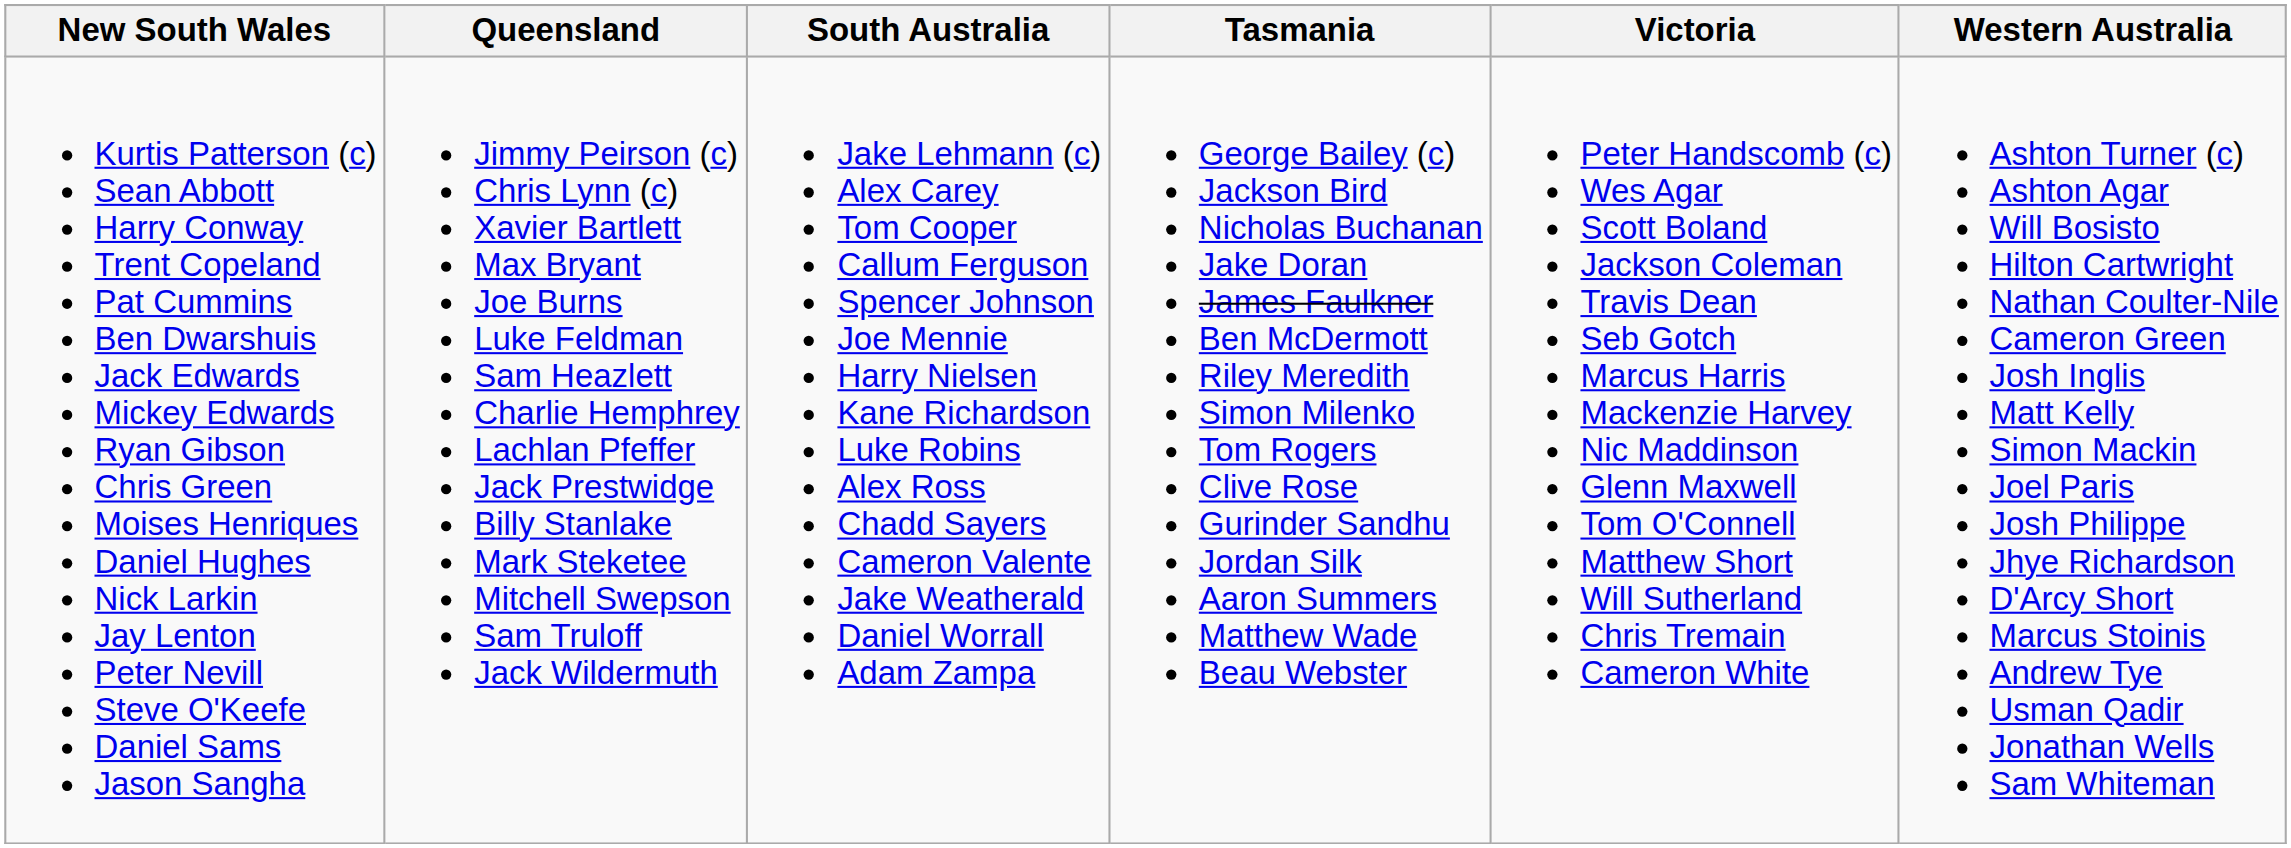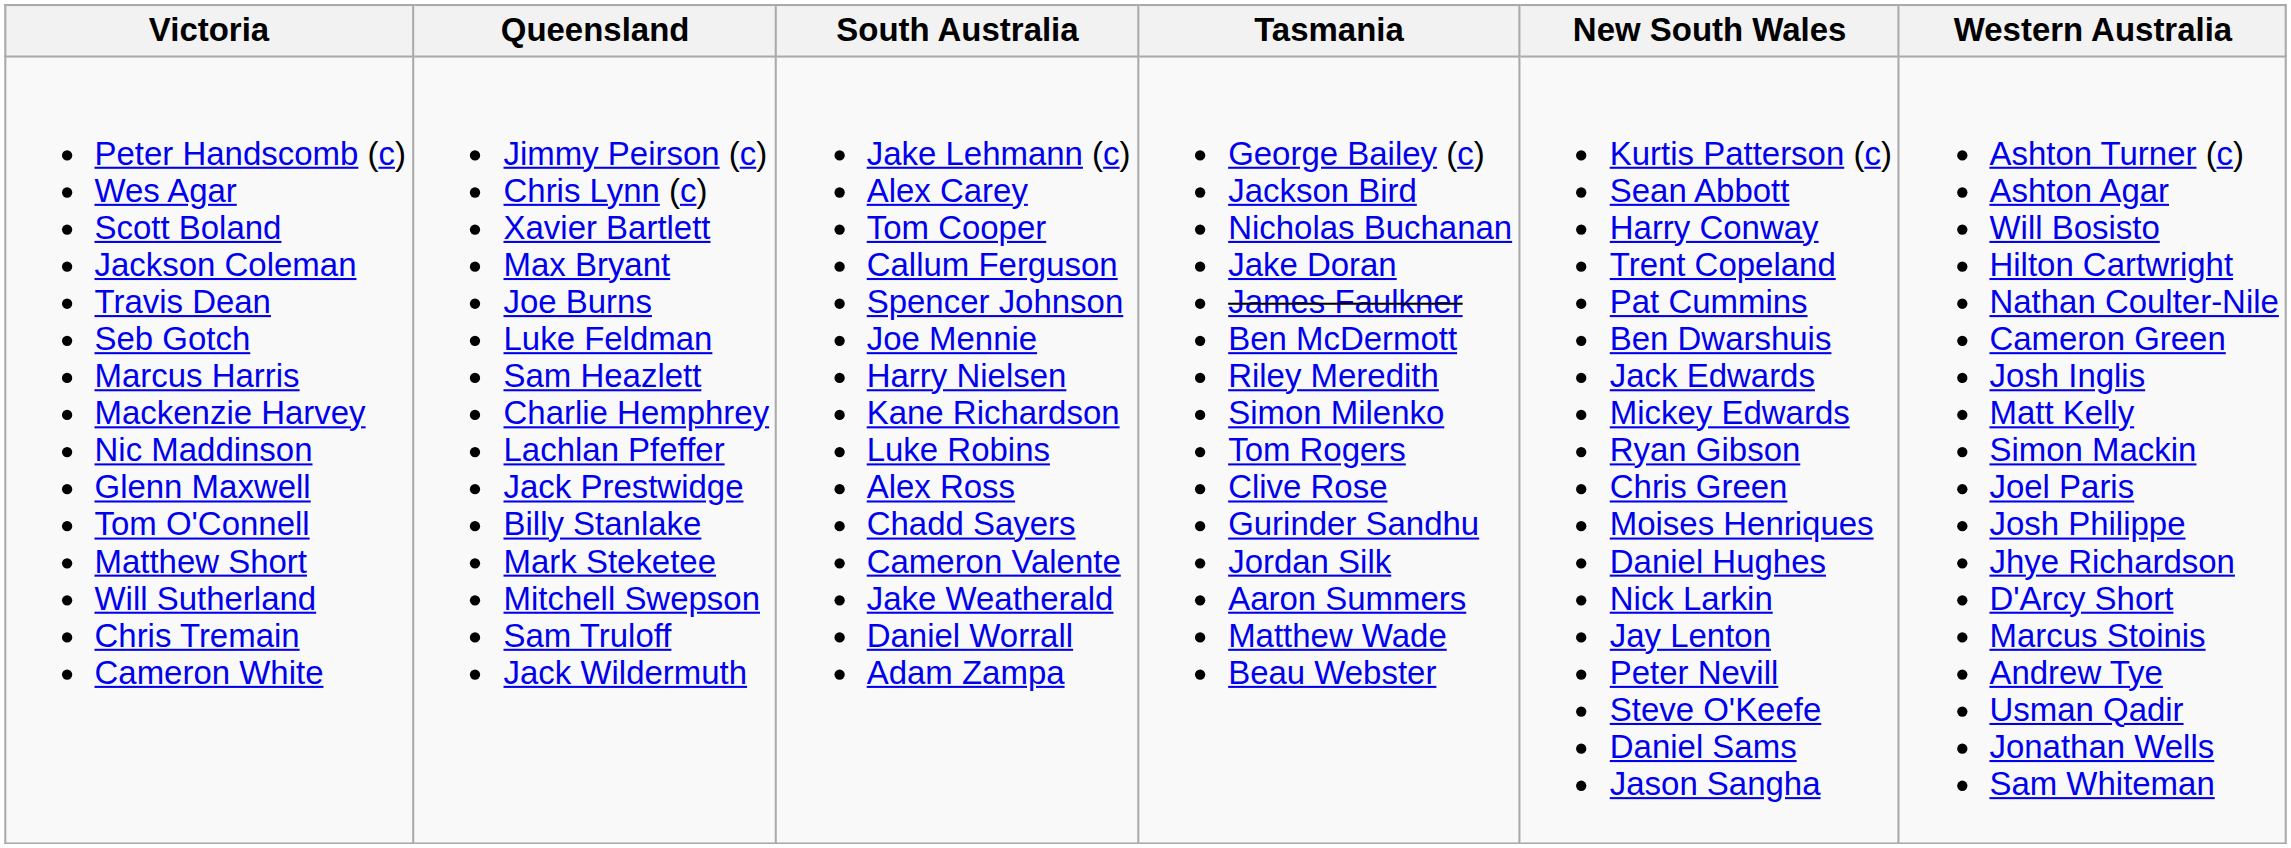 <table class="wikitable" style="text-align:left; margin:auto">
 <tr>
-<th style="width=20%;">New South Wales</th>
+<th style="width=20%;">Victoria</th>
 <th style="width=20%;">Queensland</th>
 <th style="width=20%;">South Australia</th>
 <th style="width=20%;">Tasmania</th>
-<th style="width=20%;">Victoria</th>
+<th style="width=20%;">New South Wales</th>
 <th style="width=20%;">Western Australia</th>
 </tr>
 <tr style="vertical-align:top">
-<td><br><ul><li><a href='#'>Kurtis Patterson</a> (<a href='#'>c</a>)</li><li><a href='#'>Sean Abbott</a></li><li><a href='#'>Harry Conway</a></li><li><a href='#'>Trent Copeland</a></li><li><a href='#'>Pat Cummins</a></li><li><a href='#'>Ben Dwarshuis</a></li><li><a href='#'>Jack Edwards</a></li><li><a href='#'>Mickey Edwards</a></li><li><a href='#'>Ryan Gibson</a></li><li><a href='#'>Chris Green</a></li><li><a href='#'>Moises Henriques</a></li><li><a href='#'>Daniel Hughes</a></li><li><a href='#'>Nick Larkin</a></li><li><a href='#'>Jay Lenton</a></li><li><a href='#'>Peter Nevill</a></li><li><a href='#'>Steve O'Keefe</a></li><li><a href='#'>Daniel Sams</a></li><li><a href='#'>Jason Sangha</a></li></ul></td>
+<td><br><ul><li><a href='#'>Peter Handscomb</a> (<a href='#'>c</a>)</li><li><a href='#'>Wes Agar</a></li><li><a href='#'>Scott Boland</a></li><li><a href='#'>Jackson Coleman</a></li><li><a href='#'>Travis Dean</a></li><li><a href='#'>Seb Gotch</a></li><li><a href='#'>Marcus Harris</a></li><li><a href='#'>Mackenzie Harvey</a></li><li><a href='#'>Nic Maddinson</a></li><li><a href='#'>Glenn Maxwell</a></li><li><a href='#'>Tom O'Connell</a></li><li><a href='#'>Matthew Short</a></li><li><a href='#'>Will Sutherland</a></li><li><a href='#'>Chris Tremain</a></li><li><a href='#'>Cameron White</a></li></ul></td>
 <td><br><ul><li><a href='#'>Jimmy Peirson</a> (<a href='#'>c</a>)</li><li><a href='#'>Chris Lynn</a> (<a href='#'>c</a>)</li><li><a href='#'>Xavier Bartlett</a></li><li><a href='#'>Max Bryant</a></li><li><a href='#'>Joe Burns</a></li><li><a href='#'>Luke Feldman</a></li><li><a href='#'>Sam Heazlett</a></li><li><a href='#'>Charlie Hemphrey</a></li><li><a href='#'>Lachlan Pfeffer</a></li><li><a href='#'>Jack Prestwidge</a></li><li><a href='#'>Billy Stanlake</a></li><li><a href='#'>Mark Steketee</a></li><li><a href='#'>Mitchell Swepson</a></li><li><a href='#'>Sam Truloff</a></li><li><a href='#'>Jack Wildermuth</a></li></ul></td>
 <td><br><ul><li><a href='#'>Jake Lehmann</a> (<a href='#'>c</a>)</li><li><a href='#'>Alex Carey</a></li><li><a href='#'>Tom Cooper</a></li><li><a href='#'>Callum Ferguson</a></li><li><a href='#'>Spencer Johnson</a></li><li><a href='#'>Joe Mennie</a></li><li><a href='#'>Harry Nielsen</a></li><li><a href='#'>Kane Richardson</a></li><li><a href='#'>Luke Robins</a></li><li><a href='#'>Alex Ross</a></li><li><a href='#'>Chadd Sayers</a></li><li><a href='#'>Cameron Valente</a></li><li><a href='#'>Jake Weatherald</a></li><li><a href='#'>Daniel Worrall</a></li><li><a href='#'>Adam Zampa</a></li></ul></td>
 <td><br><ul><li><a href='#'>George Bailey</a> (<a href='#'>c</a>)</li><li><a href='#'>Jackson Bird</a></li><li><a href='#'>Nicholas Buchanan</a></li><li><a href='#'>Jake Doran</a></li><li><s><a href='#'>James Faulkner</a></s></li><li><a href='#'>Ben McDermott</a></li><li><a href='#'>Riley Meredith</a></li><li><a href='#'>Simon Milenko</a></li><li><a href='#'>Tom Rogers</a></li><li><a href='#'>Clive Rose</a></li><li><a href='#'>Gurinder Sandhu</a></li><li><a href='#'>Jordan Silk</a></li><li><a href='#'>Aaron Summers</a></li><li><a href='#'>Matthew Wade</a></li><li><a href='#'>Beau Webster</a></li></ul></td>
-<td><br><ul><li><a href='#'>Peter Handscomb</a> (<a href='#'>c</a>)</li><li><a href='#'>Wes Agar</a></li><li><a href='#'>Scott Boland</a></li><li><a href='#'>Jackson Coleman</a></li><li><a href='#'>Travis Dean</a></li><li><a href='#'>Seb Gotch</a></li><li><a href='#'>Marcus Harris</a></li><li><a href='#'>Mackenzie Harvey</a></li><li><a href='#'>Nic Maddinson</a></li><li><a href='#'>Glenn Maxwell</a></li><li><a href='#'>Tom O'Connell</a></li><li><a href='#'>Matthew Short</a></li><li><a href='#'>Will Sutherland</a></li><li><a href='#'>Chris Tremain</a></li><li><a href='#'>Cameron White</a></li></ul></td>
+<td><br><ul><li><a href='#'>Kurtis Patterson</a> (<a href='#'>c</a>)</li><li><a href='#'>Sean Abbott</a></li><li><a href='#'>Harry Conway</a></li><li><a href='#'>Trent Copeland</a></li><li><a href='#'>Pat Cummins</a></li><li><a href='#'>Ben Dwarshuis</a></li><li><a href='#'>Jack Edwards</a></li><li><a href='#'>Mickey Edwards</a></li><li><a href='#'>Ryan Gibson</a></li><li><a href='#'>Chris Green</a></li><li><a href='#'>Moises Henriques</a></li><li><a href='#'>Daniel Hughes</a></li><li><a href='#'>Nick Larkin</a></li><li><a href='#'>Jay Lenton</a></li><li><a href='#'>Peter Nevill</a></li><li><a href='#'>Steve O'Keefe</a></li><li><a href='#'>Daniel Sams</a></li><li><a href='#'>Jason Sangha</a></li></ul></td>
 <td><br><ul><li><a href='#'>Ashton Turner</a> (<a href='#'>c</a>)</li><li><a href='#'>Ashton Agar</a></li><li><a href='#'>Will Bosisto</a></li><li><a href='#'>Hilton Cartwright</a></li><li><a href='#'>Nathan Coulter-Nile</a></li><li><a href='#'>Cameron Green</a></li><li><a href='#'>Josh Inglis</a></li><li><a href='#'>Matt Kelly</a></li><li><a href='#'>Simon Mackin</a></li><li><a href='#'>Joel Paris</a></li><li><a href='#'>Josh Philippe</a></li><li><a href='#'>Jhye Richardson</a></li><li><a href='#'>D'Arcy Short</a></li><li><a href='#'>Marcus Stoinis</a></li><li><a href='#'>Andrew Tye</a></li><li><a href='#'>Usman Qadir</a></li><li><a href='#'>Jonathan Wells</a></li><li><a href='#'>Sam Whiteman</a></li></ul></td>
 </tr>
 </table>
